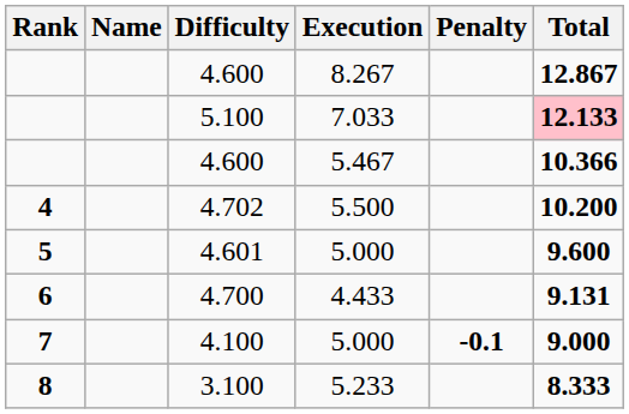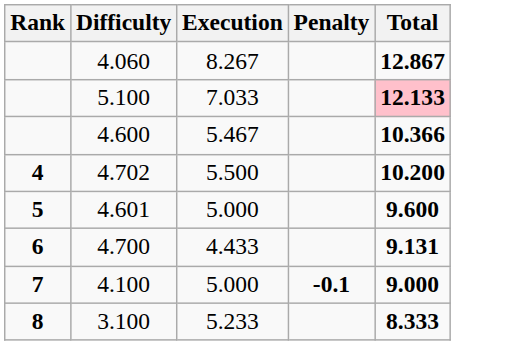 <table class="wikitable sortable" style="text-align:center">
 <tr>
 <th>Rank</th>
-<th>Name</th>
 <th>Difficulty</th>
 <th>Execution</th>
 <th>Penalty</th>
 <th>Total</th>
 </tr>
 <tr>
 <td></td>
-<td align="left"></td>
-<td>4.600</td>
+<td>4.060</td>
 <td>8.267</td>
 <td></td>
 <td><strong>12.867</strong></td>
 </tr>
 <tr>
 <td></td>
-<td align="left"></td>
 <td>5.100</td>
 <td>7.033</td>
 <td></td>
 <td style="background: pink;"><strong>12.133</strong></td>
 </tr>
 <tr>
 <td></td>
-<td align="left"></td>
 <td>4.600</td>
 <td>5.467</td>
 <td></td>
 <td><strong>10.366</strong></td>
 </tr>
 <tr>
 <td><strong>4</strong></td>
-<td align="left"></td>
 <td>4.702</td>
 <td>5.500</td>
 <td></td>
 <td><strong>10.200</strong></td>
 </tr>
 <tr>
 <td><strong>5</strong></td>
-<td align="left"></td>
 <td>4.601</td>
 <td>5.000</td>
 <td></td>
 <td><strong>9.600</strong></td>
 </tr>
 <tr>
 <td><strong>6</strong></td>
-<td align="left"></td>
 <td>4.700</td>
 <td>4.433</td>
 <td></td>
 <td><strong>9.131</strong></td>
 </tr>
 <tr>
 <td><strong>7</strong></td>
-<td align="left"></td>
 <td>4.100</td>
 <td>5.000</td>
 <td><strong>-0.1</strong></td>
 <td><strong>9.000</strong></td>
 </tr>
 <tr>
 <td><strong>8</strong></td>
-<td align="left"></td>
 <td>3.100</td>
 <td>5.233</td>
 <td></td>
 <td><strong>8.333</strong></td>
 </tr>
 </table>
